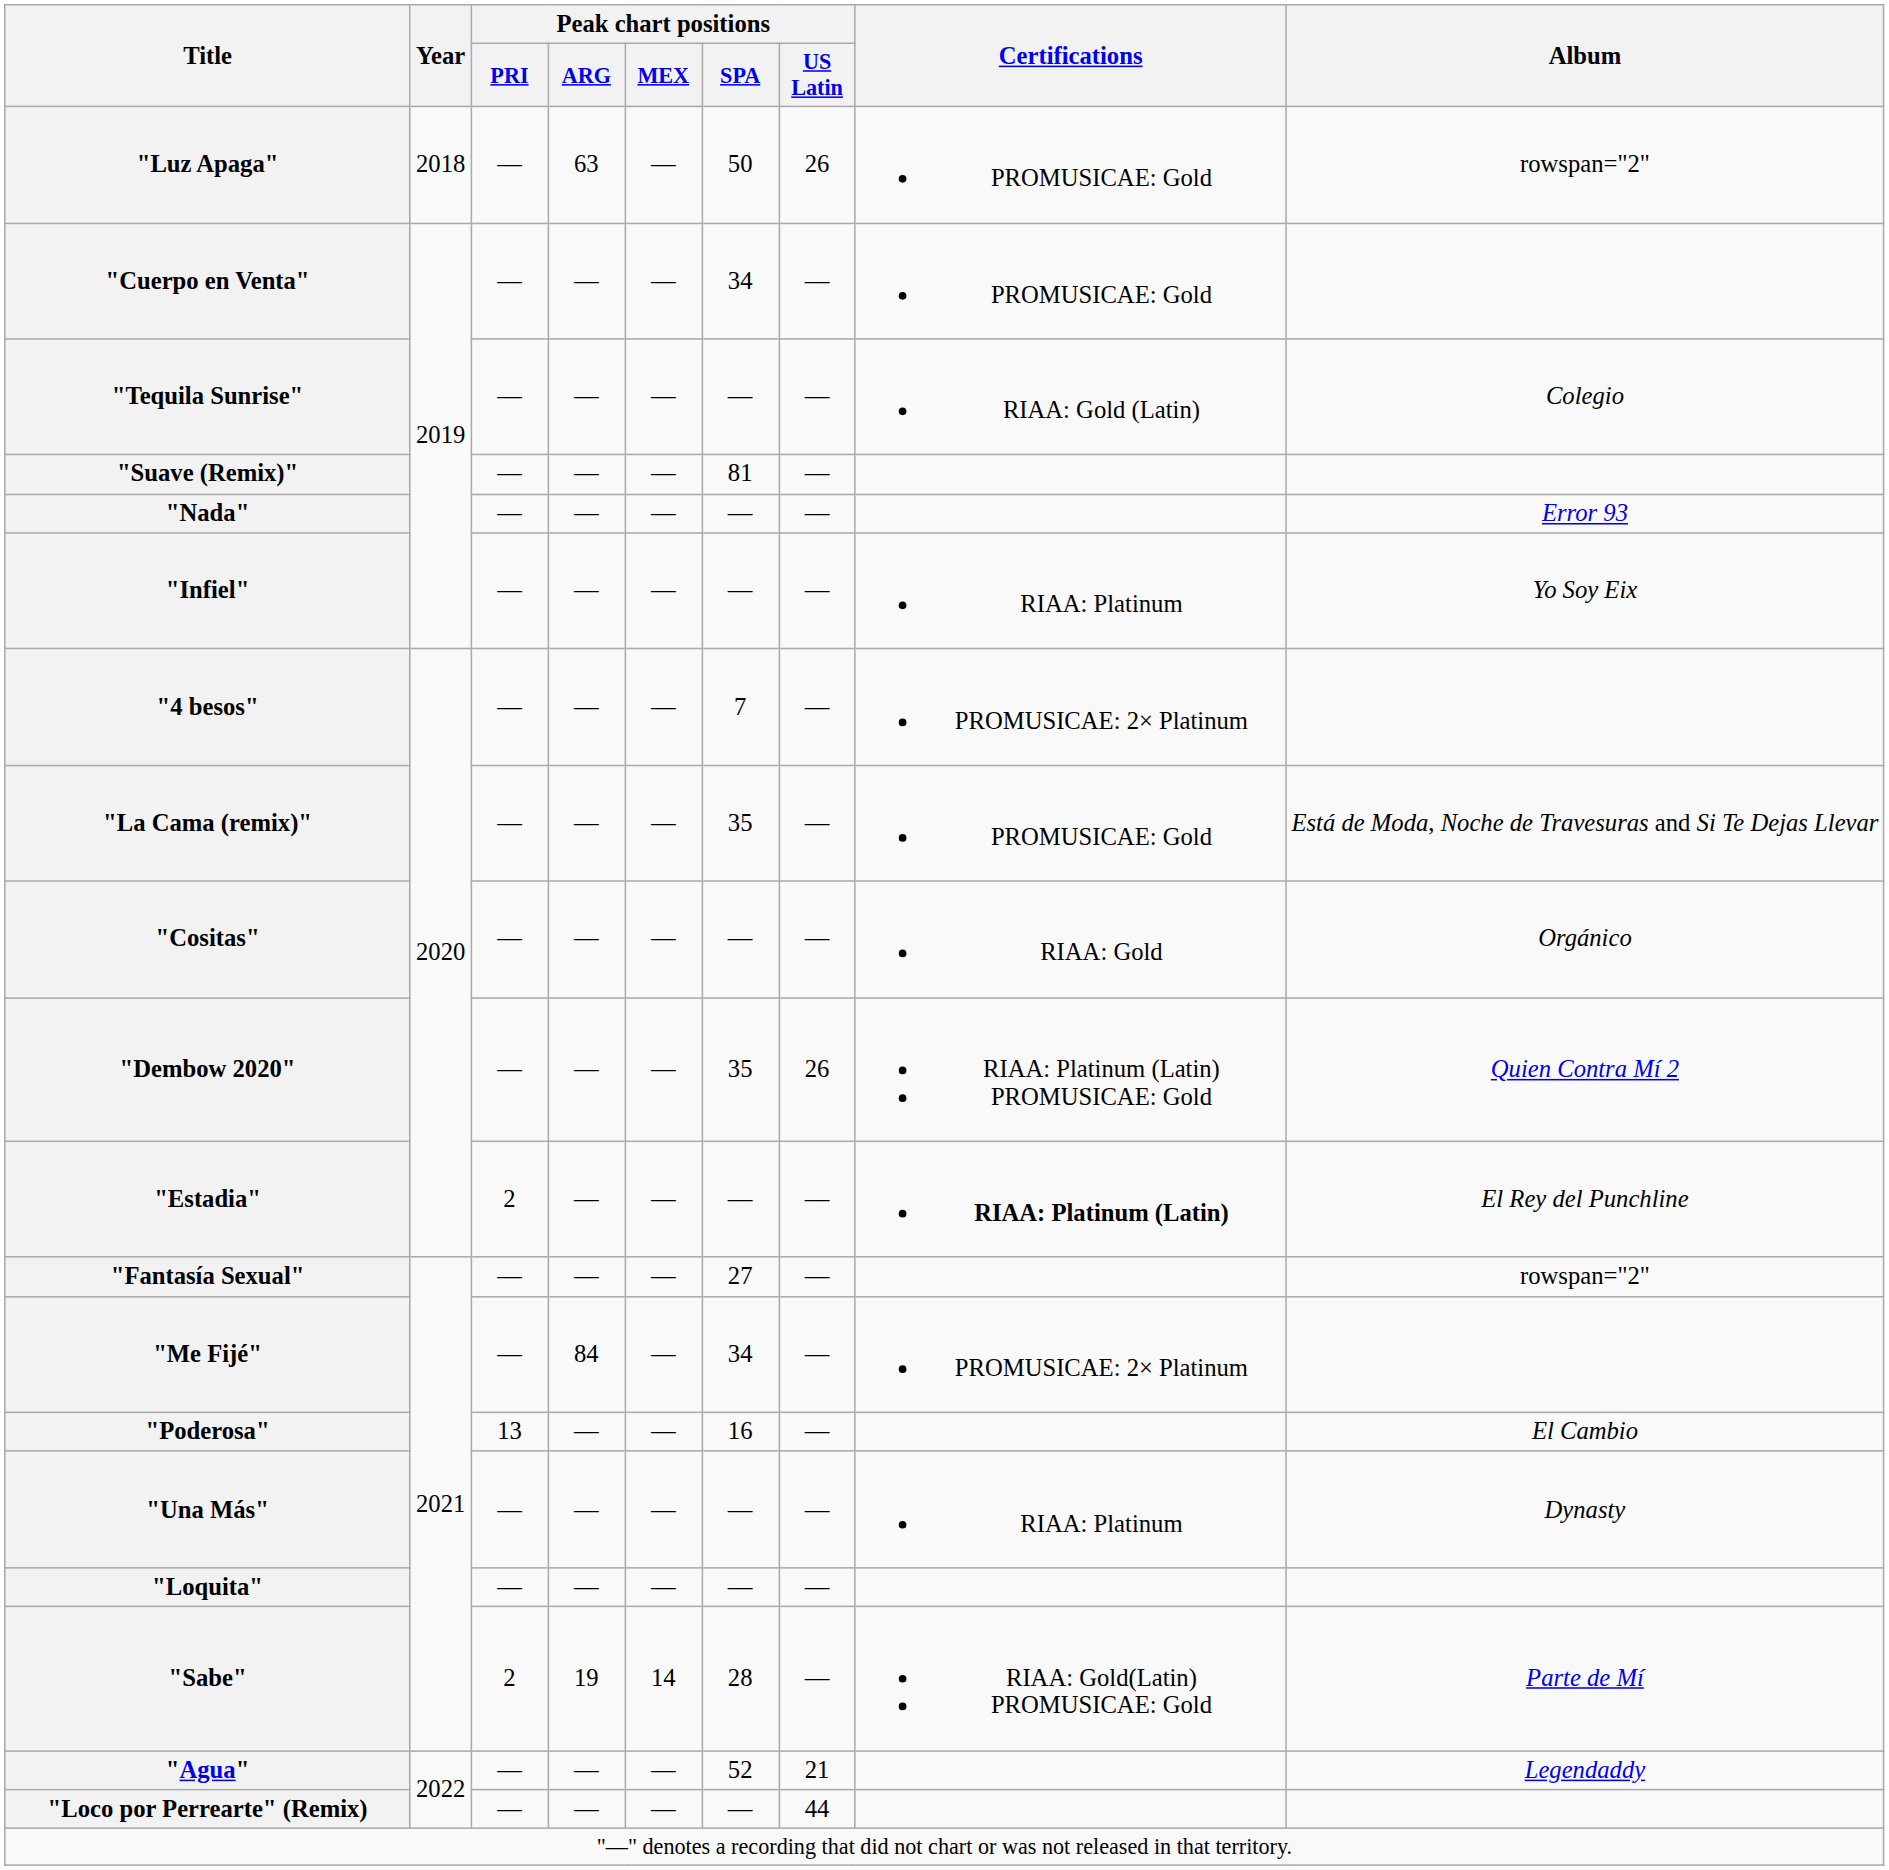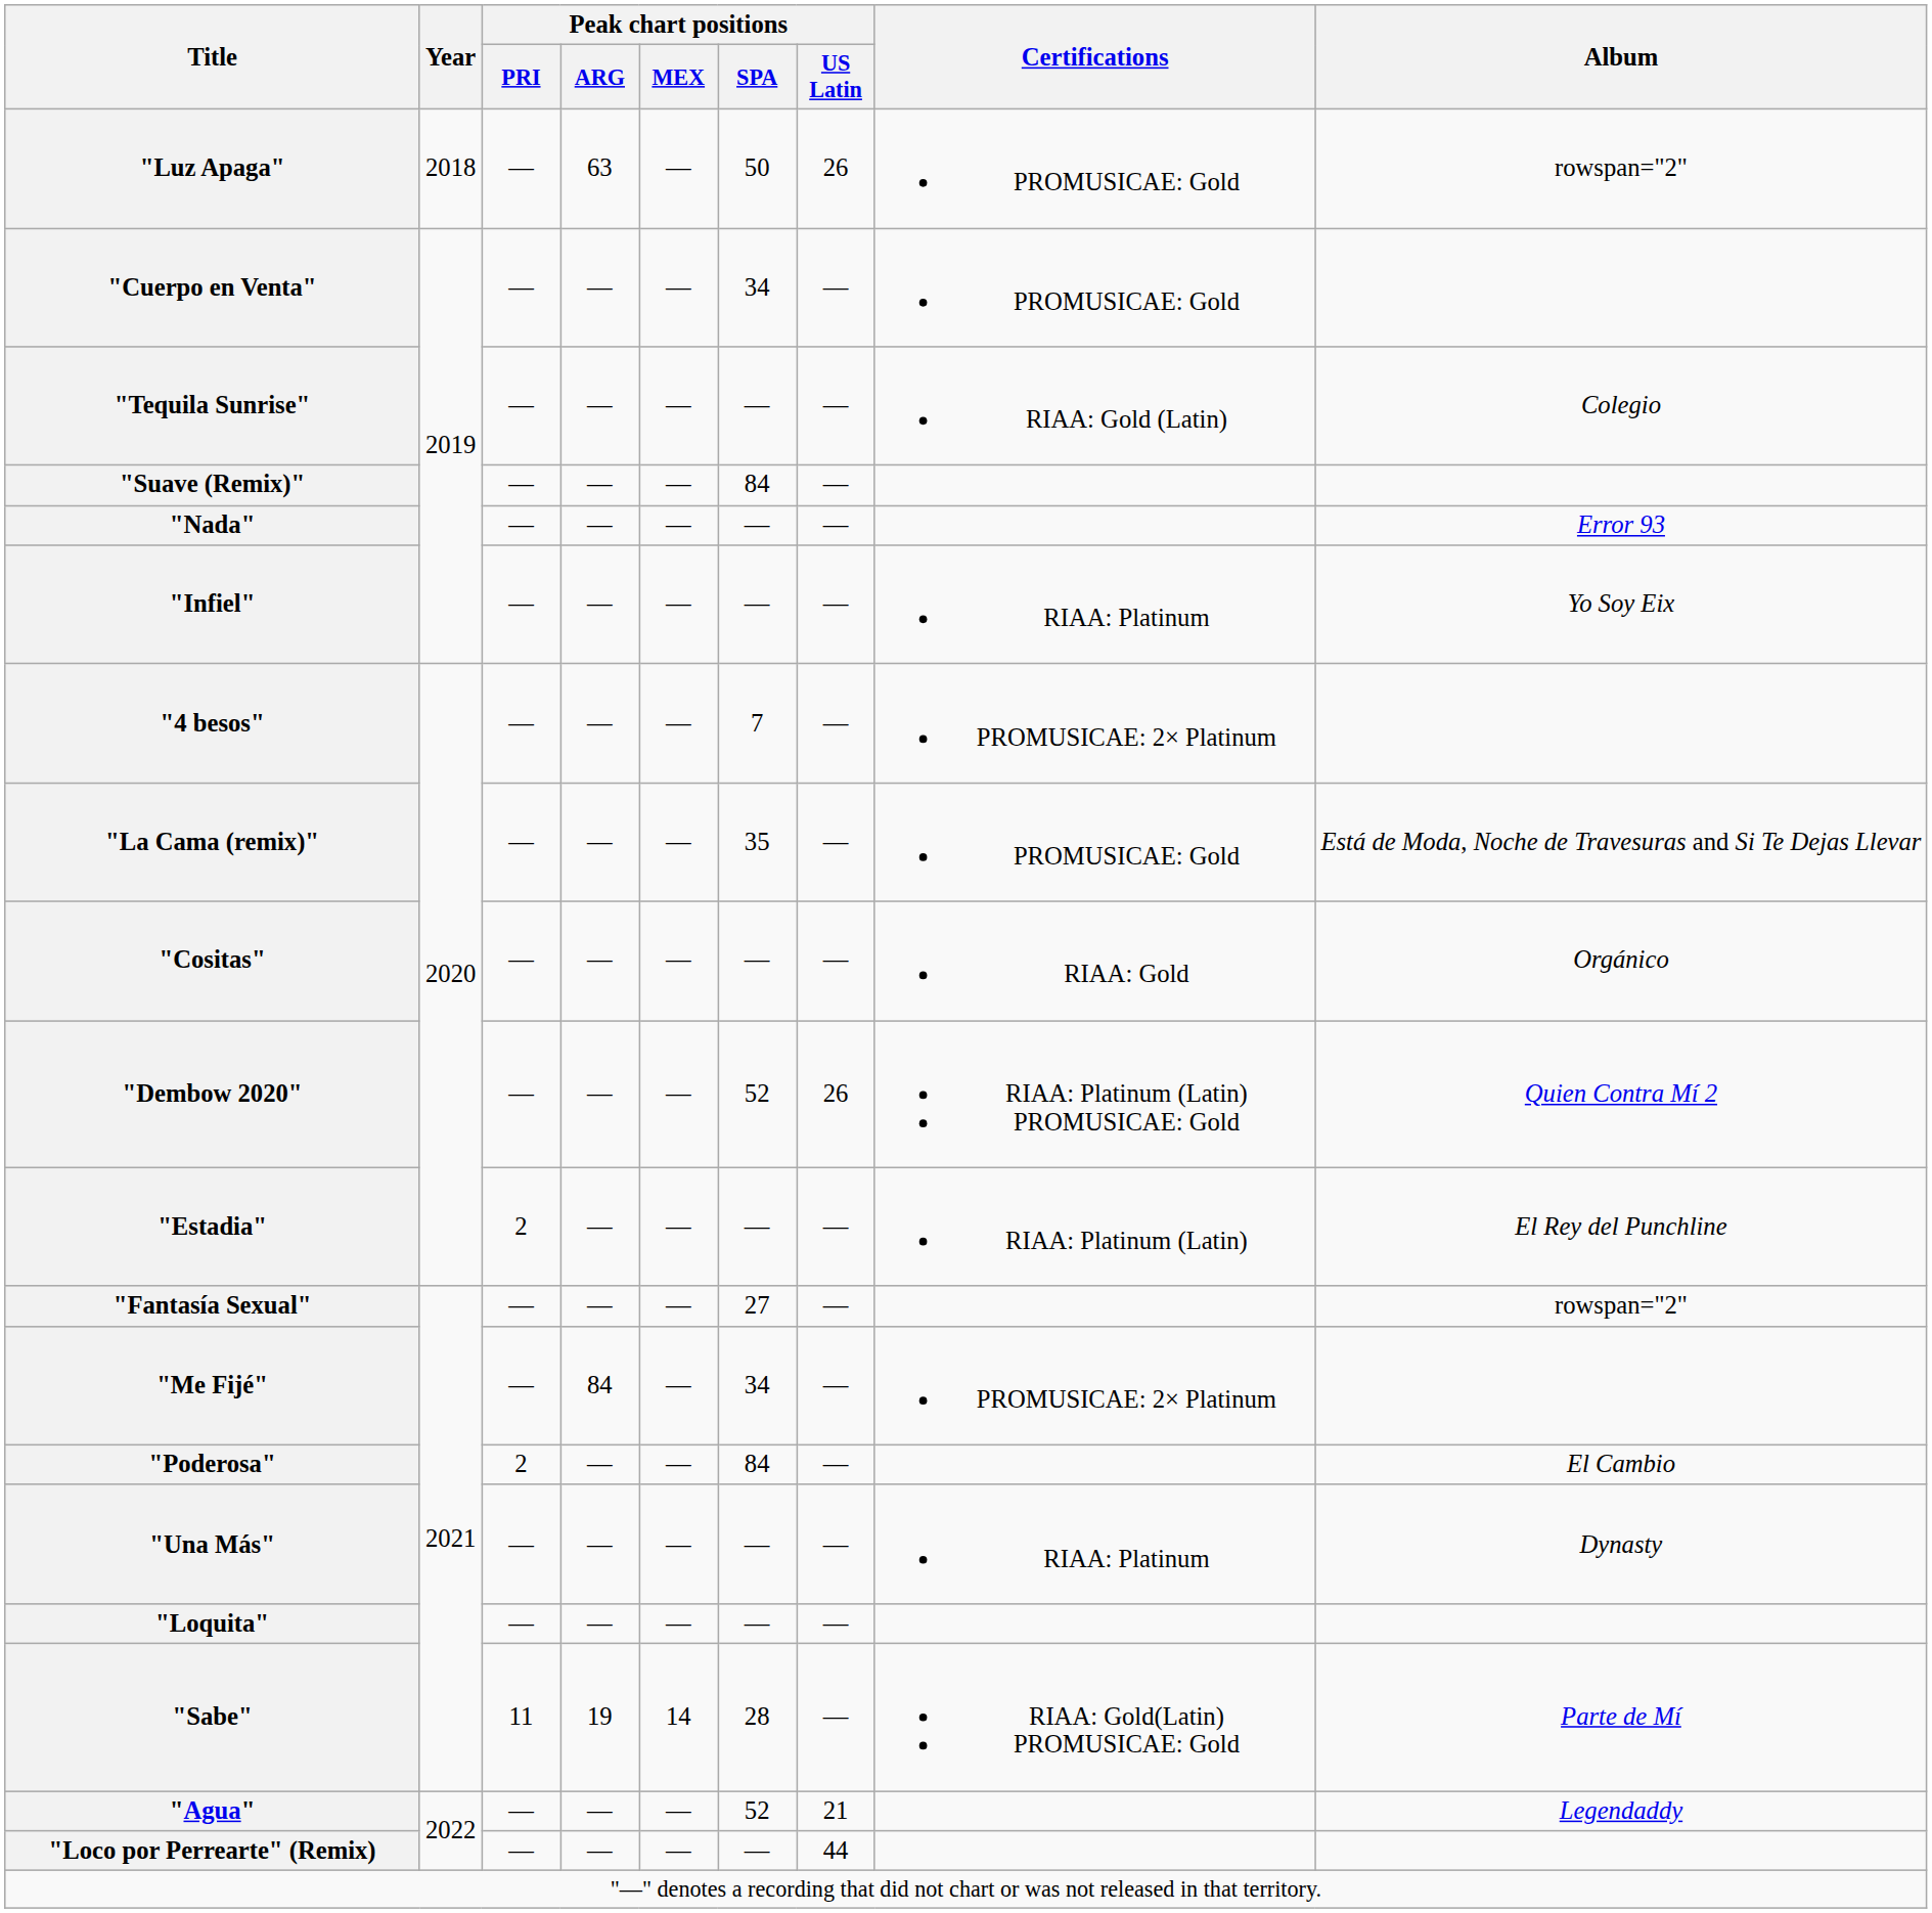 <table class="wikitable plainrowheaders" style="text-align:center;">
 <tr>
 <th scope="col" rowspan="2" style="width:16em;">Title</th>
 <th scope="col" rowspan="2">Year</th>
 <th scope="col" colspan="5">Peak chart positions</th>
 <th scope="col" rowspan="2" style="width:17em;"><a href='#'>Certifications</a></th>
 <th scope="col" rowspan="2">Album</th>
 </tr>
 <tr>
 <th scope="col" style="width:3em;font-size:90%;"><a href='#'>PRI</a><br></th>
 <th scope="col" style="width:3em;font-size:90%;"><a href='#'>ARG</a><br></th>
 <th scope="col" style="width:3em;font-size:90%;"><a href='#'>MEX</a><br></th>
 <th scope="col" style="width:3em;font-size:90%;"><a href='#'>SPA</a><br></th>
 <th scope="col" style="width:3em;font-size:90%;"><a href='#'>US<br>Latin</a><br></th>
 </tr>
 <tr>
 <th scope="row">"Luz Apaga"<br></th>
 <td>2018</td>
 <td>—</td>
 <td>63</td>
 <td>—</td>
 <td>50</td>
 <td>26</td>
 <td><br><ul><li>PROMUSICAE: Gold</li></ul></td>
 <td>rowspan="2" </td>
 </tr>
 <tr>
 <th scope="row">"Cuerpo en Venta"<br></th>
 <td rowspan="5">2019</td>
 <td>—</td>
 <td>—</td>
 <td>—</td>
 <td>34</td>
 <td>—</td>
 <td><br><ul><li>PROMUSICAE: Gold</li></ul></td>
 </tr>
 <tr>
 <th scope="row">"Tequila Sunrise"<br></th>
 <td>—</td>
 <td>—</td>
 <td>—</td>
 <td>—</td>
 <td>—</td>
 <td><br><ul><li>RIAA: Gold <span>(Latin)</span></li></ul></td>
 <td><em>Colegio</em></td>
 </tr>
 <tr>
 <th scope="row">"Suave (Remix)"<br></th>
 <td>—</td>
 <td>—</td>
 <td>—</td>
-<td>81</td>
+<td>84</td>
 <td>—</td>
 <td></td>
 <td></td>
 </tr>
 <tr>
 <th scope="row">"Nada"<br></th>
 <td>—</td>
 <td>—</td>
 <td>—</td>
 <td>—</td>
 <td>—</td>
 <td></td>
 <td><em><a href='#'>Error 93</a></em></td>
 </tr>
 <tr>
 <th scope="row">"Infiel"<br></th>
 <td>—</td>
 <td>—</td>
 <td>—</td>
 <td>—</td>
 <td>—</td>
 <td><br><ul><li>RIAA: Platinum </li></ul></td>
 <td><em>Yo Soy Eix</em></td>
 </tr>
 <tr>
 <th scope="row">"4 besos"<br></th>
 <td rowspan="5">2020</td>
 <td>—</td>
 <td>—</td>
 <td>—</td>
 <td>7</td>
 <td>—</td>
 <td><br><ul><li>PROMUSICAE: 2× Platinum</li></ul></td>
 <td></td>
 </tr>
 <tr>
 <th scope="row">"La Cama (remix)"<br></th>
 <td>—</td>
 <td>—</td>
 <td>—</td>
 <td>35</td>
 <td>—</td>
 <td><br><ul><li>PROMUSICAE: Gold</li></ul></td>
 <td><em>Está de Moda</em>, <em>Noche de Travesuras</em> and <em>Si Te Dejas Llevar</em></td>
 </tr>
 <tr>
 <th scope="row">"Cositas"<br></th>
 <td>—</td>
 <td>—</td>
 <td>—</td>
 <td>—</td>
 <td>—</td>
 <td><br><ul><li>RIAA: Gold </li></ul></td>
 <td><em>Orgánico</em></td>
 </tr>
 <tr>
 <th scope="row">"Dembow 2020"<br></th>
 <td>—</td>
 <td>—</td>
 <td>—</td>
-<td>35</td>
+<td>52</td>
 <td>26</td>
 <td><br><ul><li>RIAA: Platinum <span>(Latin)</span></li><li>PROMUSICAE: Gold</li></ul></td>
 <td><em><a href='#'>Quien Contra Mí 2</a></em></td>
 </tr>
 <tr>
 <th scope="row">"Estadia"<br></th>
 <td>2</td>
 <td>—</td>
 <td>—</td>
 <td>—</td>
 <td>—</td>
-<td><strong><br><ul><li>RIAA: Platinum <span>(Latin)</span></li></ul></strong></td>
+<td><br><ul><li>RIAA: Platinum <span>(Latin)</span></li></ul></td>
 <td><em>El Rey del Punchline</em></td>
 </tr>
 <tr>
 <th scope="row">"Fantasía Sexual"<br></th>
 <td rowspan="6">2021</td>
 <td>—</td>
 <td>—</td>
 <td>—</td>
 <td>27</td>
 <td>—</td>
 <td></td>
 <td>rowspan="2" </td>
 </tr>
 <tr>
 <th scope="row">"Me Fijé"<br></th>
 <td>—</td>
 <td>84</td>
 <td>—</td>
 <td>34</td>
 <td>—</td>
 <td><br><ul><li>PROMUSICAE: 2× Platinum</li></ul></td>
 </tr>
 <tr>
 <th scope="row">"Poderosa"<br></th>
-<td>13</td>
+<td>2</td>
 <td>—</td>
 <td>—</td>
-<td>16</td>
+<td>84</td>
 <td>—</td>
 <td></td>
 <td><em>El Cambio</em></td>
 </tr>
 <tr>
 <th scope="row">"Una Más"<br></th>
 <td>—</td>
 <td>—</td>
 <td>—</td>
 <td>—</td>
 <td>—</td>
 <td><br><ul><li>RIAA: Platinum </li></ul></td>
 <td><em>Dynasty</em></td>
 </tr>
 <tr>
 <th scope="row">"Loquita"<br></th>
 <td>—</td>
 <td>—</td>
 <td>—</td>
 <td>—</td>
 <td>—</td>
 <td></td>
 <td></td>
 </tr>
 <tr>
 <th scope="row">"Sabe"<br></th>
-<td>2</td>
+<td>11</td>
 <td>19</td>
 <td>14</td>
 <td>28</td>
 <td>—</td>
 <td><br><ul><li>RIAA: Gold<span>(Latin)</span></li><li>PROMUSICAE: Gold</li></ul></td>
 <td><em><a href='#'>Parte de Mí</a></em></td>
 </tr>
 <tr>
 <th scope="row">"<a href='#'>Agua</a>"<br></th>
 <td rowspan="2">2022</td>
 <td>—</td>
 <td>—</td>
 <td>—</td>
 <td>52</td>
 <td>21</td>
 <td></td>
 <td><em><a href='#'>Legendaddy</a></em></td>
 </tr>
 <tr>
 <th scope="row">"Loco por Perrearte" (Remix)<br></th>
 <td>—</td>
 <td>—</td>
 <td>—</td>
 <td>—</td>
 <td>44</td>
 <td></td>
 <td></td>
 </tr>
 <tr>
 <td colspan="14" style="font-size:90%">"—" denotes a recording that did not chart or was not released in that territory.</td>
 </tr>
 </table>
